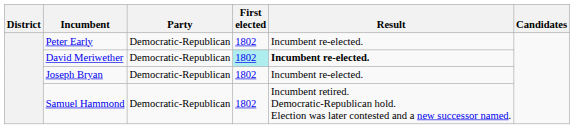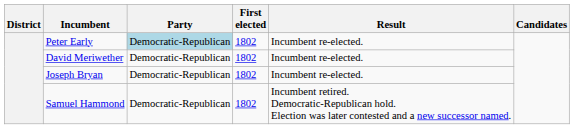 <table class=wikitable>
 <tr valign=bottom>
 <th>District</th>
 <th>Incumbent</th>
 <th>Party</th>
 <th>First<br>elected</th>
 <th>Result</th>
 <th>Candidates</th>
 </tr>
 <tr>
 <th rowspan=4><br></th>
 <td><a href='#'>Peter Early</a></td>
-<td>Democratic-Republican</td>
+<td style="background: lightblue;">Democratic-Republican</td>
 <td><a href='#'>1802</a></td>
 <td>Incumbent re-elected.</td>
 <td rowspan=4 nowrap></td>
 </tr>
 <tr>
 <td><a href='#'>David Meriwether</a></td>
 <td>Democratic-Republican</td>
-<td style="background: paleturquoise;"><a href='#'>1802</a></td>
-<td><strong>Incumbent re-elected.</strong></td>
+<td><a href='#'>1802</a></td>
+<td>Incumbent re-elected.</td>
 </tr>
 <tr>
 <td><a href='#'>Joseph Bryan</a></td>
 <td>Democratic-Republican</td>
 <td><a href='#'>1802</a></td>
 <td>Incumbent re-elected.</td>
 </tr>
 <tr>
 <td><a href='#'>Samuel Hammond</a></td>
 <td>Democratic-Republican</td>
 <td><a href='#'>1802</a></td>
 <td>Incumbent retired.<br>Democratic-Republican hold.<br>Election was later contested and a <a href='#'>new successor named</a>.</td>
 </tr>
 </table>
